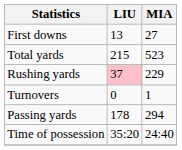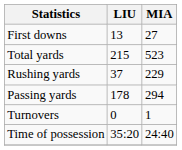 <table class="wikitable">
 <tr>
 <th>Statistics</th>
 <th>LIU</th>
 <th>MIA</th>
 </tr>
 <tr>
 <td>First downs</td>
 <td>13</td>
 <td>27</td>
 </tr>
 <tr>
 <td>Total yards</td>
 <td>215</td>
 <td>523</td>
 </tr>
 <tr>
 <td>Rushing yards</td>
-<td style="background: pink;">37</td>
+<td>37</td>
 <td>229</td>
+</tr>
+<tr>
+<td>Passing yards</td>
+<td>178</td>
+<td>294</td>
 </tr>
 <tr>
 <td>Turnovers</td>
 <td>0</td>
 <td>1</td>
-</tr>
-<tr>
-<td>Passing yards</td>
-<td>178</td>
-<td>294</td>
 </tr>
 <tr>
 <td>Time of possession</td>
 <td>35:20</td>
 <td>24:40</td>
 </tr>
 <tr>
 </tr>
 </table>
